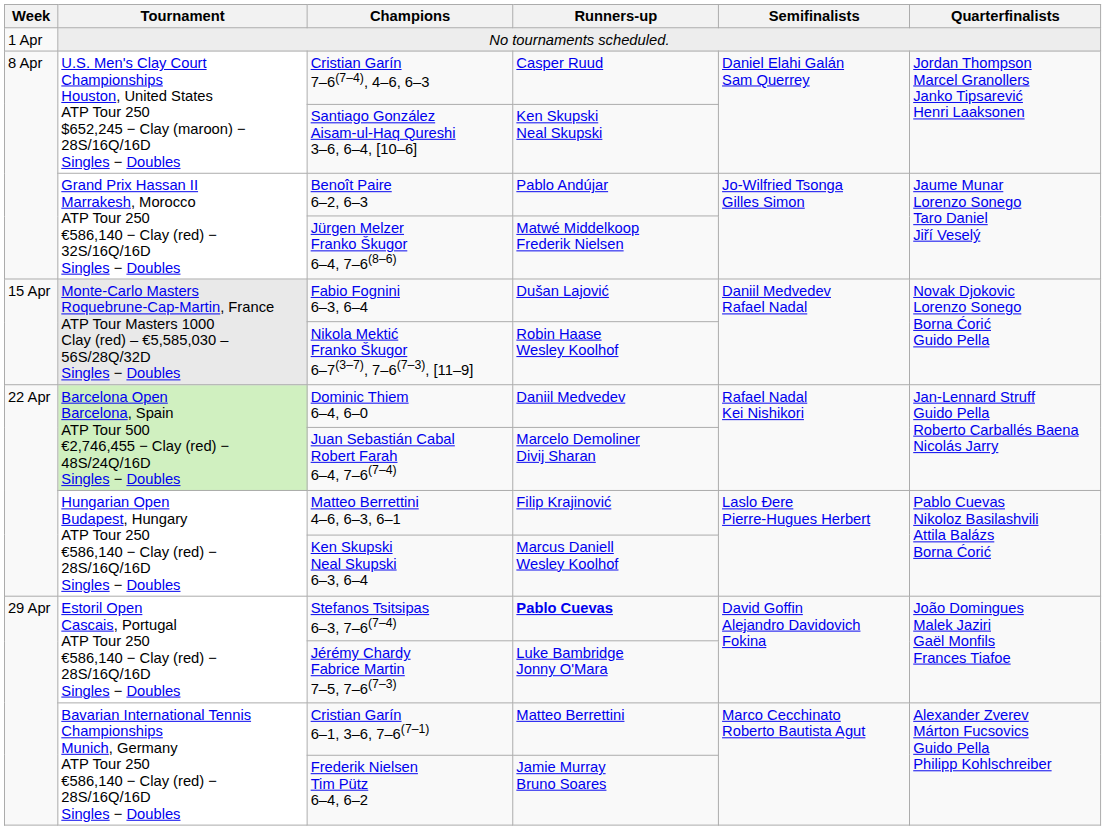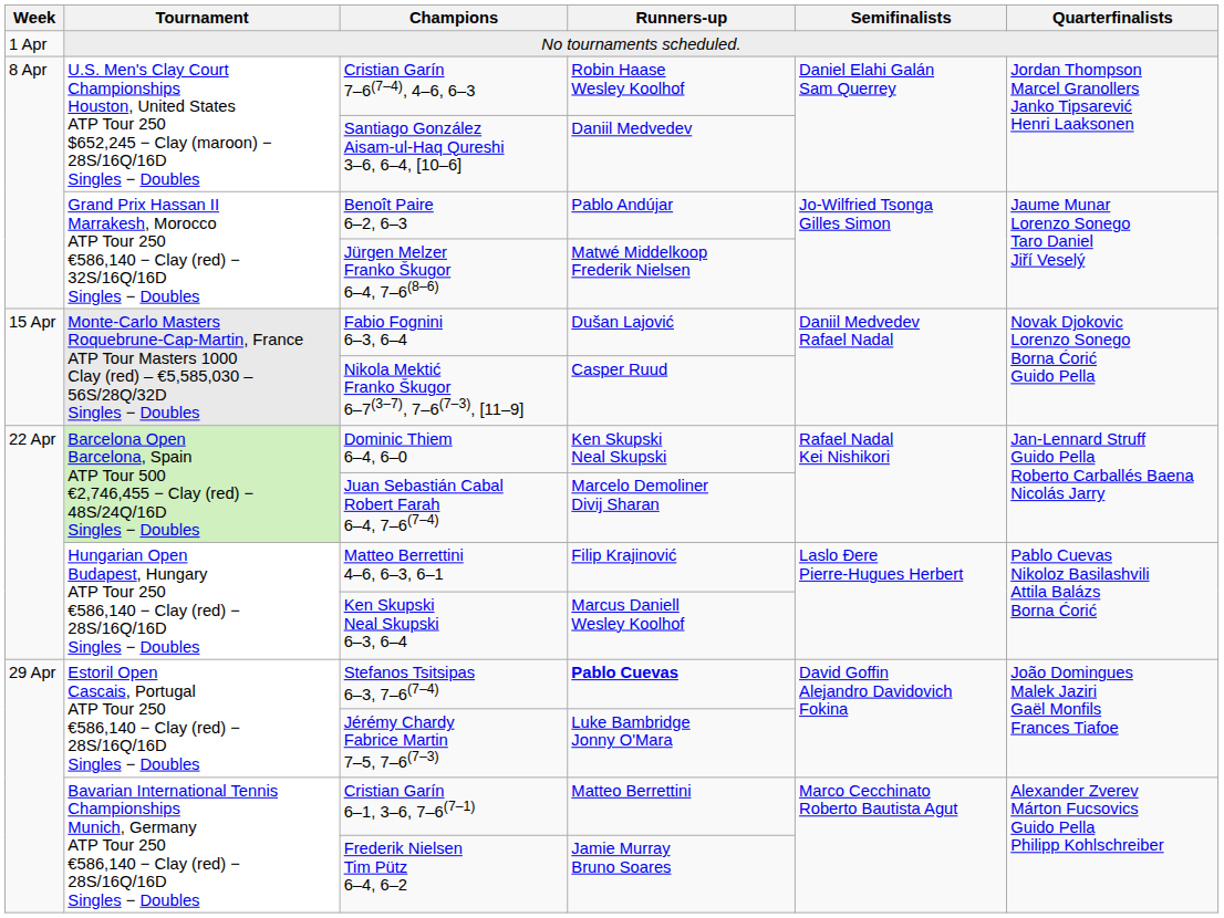 <table class=wikitable style=font-size:95%>
 <tr>
 <th style="width:48px;">Week</th>
 <th style="width:250px;">Tournament</th>
 <th style="width:205px;">Champions</th>
 <th style="width:205px;">Runners-up</th>
 <th style="width:190px;">Semifinalists</th>
 <th style="width:190px;">Quarterfinalists</th>
 </tr>
 <tr valign=top>
 <td rowspan=1>1 Apr</td>
 <td colspan=5 style="text-align: center; background-color: #ededed;"><em>No tournaments scheduled.</em></td>
 </tr>
 <tr valign=top>
 <td rowspan=4>8 Apr</td>
 <td style="background:#fff;" rowspan="2"><a href='#'>U.S. Men's Clay Court Championships</a><br> <a href='#'>Houston</a>, United States<br>ATP Tour 250<br>$652,245 − Clay (maroon) − 28S/16Q/16D<br><a href='#'>Singles</a> − <a href='#'>Doubles</a></td>
 <td> <a href='#'>Cristian Garín</a><br>7–6<sup>(7–4)</sup>, 4–6, 6–3</td>
-<td> <a href='#'>Casper Ruud</a></td>
+<td> <a href='#'>Robin Haase</a><br> <a href='#'>Wesley Koolhof</a></td>
 <td rowspan=2> <a href='#'>Daniel Elahi Galán</a> <br>  <a href='#'>Sam Querrey</a></td>
 <td rowspan=2> <a href='#'>Jordan Thompson</a> <br>  <a href='#'>Marcel Granollers</a> <br>   <a href='#'>Janko Tipsarević</a> <br>  <a href='#'>Henri Laaksonen</a></td>
 </tr>
 <tr valign=top>
 <td> <a href='#'>Santiago González</a><br> <a href='#'>Aisam-ul-Haq Qureshi</a><br>3–6, 6–4, [10–6]</td>
-<td> <a href='#'>Ken Skupski</a><br> <a href='#'>Neal Skupski</a></td>
+<td> <a href='#'>Daniil Medvedev</a></td>
 </tr>
 <tr valign=top>
 <td style="background:#fff;" rowspan="2"><a href='#'>Grand Prix Hassan II</a><br> <a href='#'>Marrakesh</a>, Morocco<br>ATP Tour 250<br>€586,140 − Clay (red) − 32S/16Q/16D<br><a href='#'>Singles</a> − <a href='#'>Doubles</a></td>
 <td> <a href='#'>Benoît Paire</a><br>6–2, 6–3</td>
 <td> <a href='#'>Pablo Andújar</a></td>
 <td rowspan=2> <a href='#'>Jo-Wilfried Tsonga</a> <br>  <a href='#'>Gilles Simon</a></td>
 <td rowspan=2> <a href='#'>Jaume Munar</a> <br> <a href='#'>Lorenzo Sonego</a> <br>  <a href='#'>Taro Daniel</a> <br>  <a href='#'>Jiří Veselý</a></td>
 </tr>
 <tr valign=top>
 <td> <a href='#'>Jürgen Melzer</a><br> <a href='#'>Franko Škugor</a><br>6–4, 7–6<sup>(8–6)</sup></td>
 <td> <a href='#'>Matwé Middelkoop</a><br> <a href='#'>Frederik Nielsen</a></td>
 </tr>
 <tr valign=top>
 <td rowspan=2>15 Apr</td>
 <td style=background:#E9E9E9 rowspan="2"><a href='#'>Monte-Carlo Masters</a><br> <a href='#'>Roquebrune-Cap-Martin</a>, France<br>ATP Tour Masters 1000<br>Clay (red) – €5,585,030 – 56S/28Q/32D<br> <a href='#'>Singles</a> − <a href='#'>Doubles</a></td>
 <td> <a href='#'>Fabio Fognini</a><br>6–3, 6–4</td>
 <td> <a href='#'>Dušan Lajović</a></td>
 <td rowspan=2> <a href='#'>Daniil Medvedev</a> <br>  <a href='#'>Rafael Nadal</a></td>
 <td rowspan=2> <a href='#'>Novak Djokovic</a> <br> <a href='#'>Lorenzo Sonego</a> <br> <a href='#'>Borna Ćorić</a> <br>  <a href='#'>Guido Pella</a></td>
 </tr>
 <tr valign=top>
 <td> <a href='#'>Nikola Mektić</a><br> <a href='#'>Franko Škugor</a><br>6–7<sup>(3–7)</sup>, 7–6<sup>(7–3)</sup>, [11–9]</td>
-<td> <a href='#'>Robin Haase</a><br> <a href='#'>Wesley Koolhof</a></td>
+<td> <a href='#'>Casper Ruud</a></td>
 </tr>
 <tr valign=top>
 <td rowspan=4>22 Apr</td>
 <td style=background:#d0f0c0 rowspan="2"><a href='#'>Barcelona Open</a><br> <a href='#'>Barcelona</a>, Spain<br>ATP Tour 500<br>€2,746,455 − Clay (red) − 48S/24Q/16D <br><a href='#'>Singles</a> − <a href='#'>Doubles</a></td>
 <td> <a href='#'>Dominic Thiem</a><br>6–4, 6–0</td>
-<td> <a href='#'>Daniil Medvedev</a></td>
+<td> <a href='#'>Ken Skupski</a><br> <a href='#'>Neal Skupski</a></td>
 <td rowspan=2> <a href='#'>Rafael Nadal</a> <br>  <a href='#'>Kei Nishikori</a></td>
 <td rowspan=2> <a href='#'>Jan-Lennard Struff</a> <br> <a href='#'>Guido Pella</a> <br> <a href='#'>Roberto Carballés Baena</a><br>  <a href='#'>Nicolás Jarry</a></td>
 </tr>
 <tr valign=top>
 <td> <a href='#'>Juan Sebastián Cabal</a> <br>  <a href='#'>Robert Farah</a><br>6–4, 7–6<sup>(7–4)</sup></td>
 <td> <a href='#'>Marcelo Demoliner</a> <br>   <a href='#'>Divij Sharan</a></td>
 </tr>
 <tr valign=top>
 <td style="background:#fff;" rowspan="2"><a href='#'>Hungarian Open</a><br> <a href='#'>Budapest</a>, Hungary<br>ATP Tour 250<br>€586,140 − Clay (red) − 28S/16Q/16D<br><a href='#'>Singles</a> − <a href='#'>Doubles</a></td>
 <td> <a href='#'>Matteo Berrettini</a> <br> 4–6, 6–3, 6–1</td>
 <td> <a href='#'>Filip Krajinović</a></td>
 <td rowspan=2> <a href='#'>Laslo Đere</a> <br>  <a href='#'>Pierre-Hugues Herbert</a></td>
 <td rowspan=2> <a href='#'>Pablo Cuevas</a><br> <a href='#'>Nikoloz Basilashvili</a> <br> <a href='#'>Attila Balázs</a><br> <a href='#'>Borna Ćorić</a></td>
 </tr>
 <tr valign=top>
 <td> <a href='#'>Ken Skupski</a> <br>  <a href='#'>Neal Skupski</a><br>6–3, 6–4</td>
 <td> <a href='#'>Marcus Daniell</a> <br>  <a href='#'>Wesley Koolhof</a></td>
 </tr>
 <tr valign=top>
 <td rowspan=4>29 Apr</td>
 <td style=background:#fff rowspan="2"><a href='#'>Estoril Open</a><br> <a href='#'>Cascais</a>, Portugal<br>ATP Tour 250<br>€586,140 − Clay (red) − 28S/16Q/16D<br><a href='#'>Singles</a> − <a href='#'>Doubles</a></td>
 <td> <a href='#'>Stefanos Tsitsipas</a> <br>6–3, 7–6<sup>(7–4)</sup></td>
 <td><strong> <a href='#'>Pablo Cuevas</a></strong></td>
 <td rowspan=2> <a href='#'>David Goffin</a> <br>  <a href='#'>Alejandro Davidovich Fokina</a></td>
 <td rowspan=2> <a href='#'>João Domingues</a> <br> <a href='#'>Malek Jaziri</a> <br> <a href='#'>Gaël Monfils</a> <br> <a href='#'>Frances Tiafoe</a></td>
 </tr>
 <tr valign=top>
 <td> <a href='#'>Jérémy Chardy</a> <br>   <a href='#'>Fabrice Martin</a><br>7–5, 7–6<sup>(7–3)</sup></td>
 <td> <a href='#'>Luke Bambridge</a> <br>  <a href='#'>Jonny O'Mara</a></td>
 </tr>
 <tr valign=top>
 <td style=background:#fff rowspan="2"><a href='#'>Bavarian International Tennis Championships</a><br> <a href='#'>Munich</a>, Germany<br>ATP Tour 250<br>€586,140 − Clay (red) − 28S/16Q/16D<br><a href='#'>Singles</a> − <a href='#'>Doubles</a></td>
 <td> <a href='#'>Cristian Garín</a><br>6–1, 3–6, 7–6<sup>(7–1)</sup></td>
 <td> <a href='#'>Matteo Berrettini</a></td>
 <td rowspan=2> <a href='#'>Marco Cecchinato</a> <br>  <a href='#'>Roberto Bautista Agut</a></td>
 <td rowspan=2> <a href='#'>Alexander Zverev</a> <br>  <a href='#'>Márton Fucsovics</a> <br> <a href='#'>Guido Pella</a>  <br>  <a href='#'>Philipp Kohlschreiber</a></td>
 </tr>
 <tr valign=top>
 <td> <a href='#'>Frederik Nielsen</a> <br>   <a href='#'>Tim Pütz</a><br>6–4, 6–2</td>
 <td> <a href='#'>Jamie Murray</a> <br>  <a href='#'>Bruno Soares</a></td>
 </tr>
 </table>
